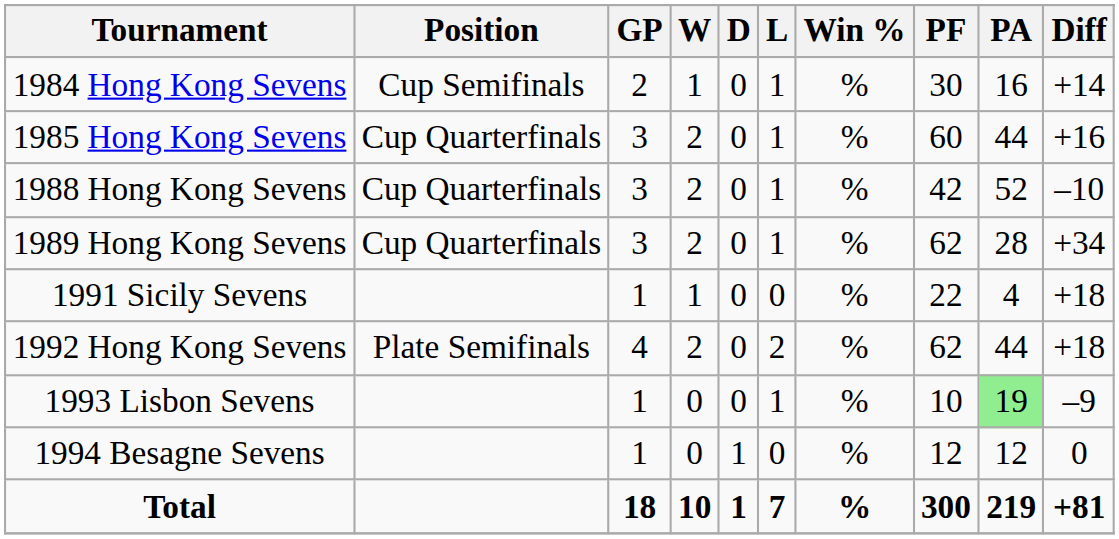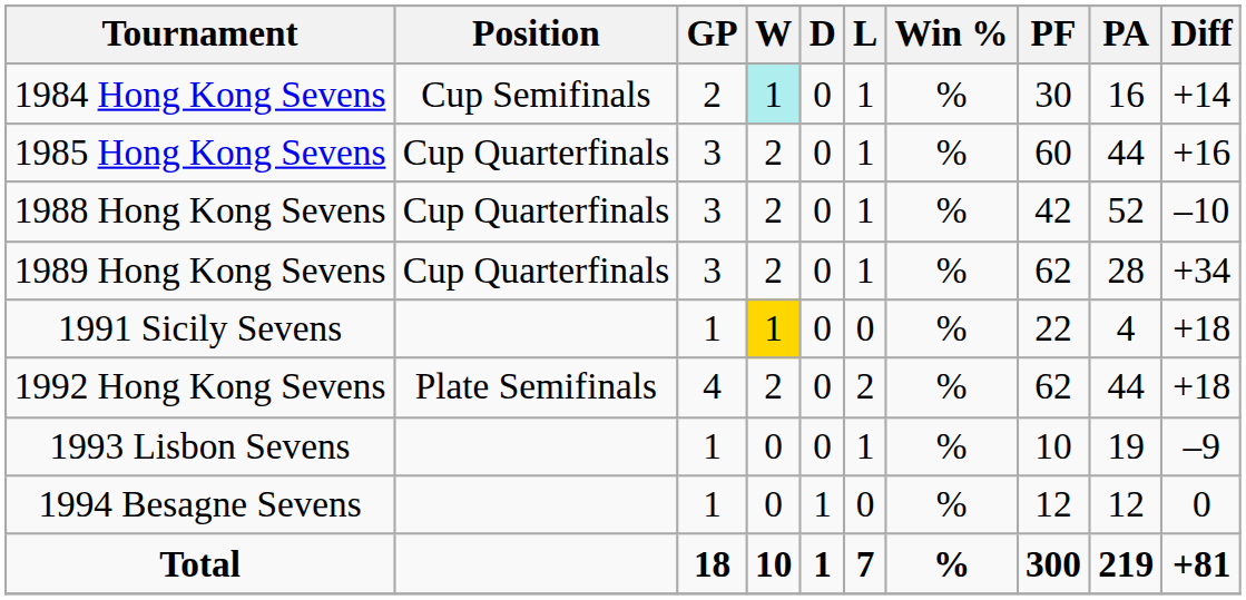 <table class="wikitable" style="text-align: center;">
 <tr>
 </tr>
 <tr>
 <th>Tournament</th>
 <th>Position</th>
 <th>GP</th>
 <th>W</th>
 <th>D</th>
 <th>L</th>
 <th>Win %</th>
 <th>PF</th>
 <th>PA</th>
 <th>Diff</th>
 </tr>
 <tr>
 <td> 1984 <a href='#'>Hong Kong Sevens</a></td>
 <td>Cup Semifinals</td>
 <td>2</td>
-<td>1</td>
+<td style="background: paleturquoise;">1</td>
 <td>0</td>
 <td>1</td>
 <td>%</td>
 <td>30</td>
 <td>16</td>
 <td>+14</td>
 </tr>
 <tr>
 <td> 1985 <a href='#'>Hong Kong Sevens</a></td>
 <td>Cup Quarterfinals</td>
 <td>3</td>
 <td>2</td>
 <td>0</td>
 <td>1</td>
 <td>%</td>
 <td>60</td>
 <td>44</td>
 <td>+16</td>
 </tr>
 <tr>
 <td> 1988 Hong Kong Sevens</td>
 <td>Cup Quarterfinals</td>
 <td>3</td>
 <td>2</td>
 <td>0</td>
 <td>1</td>
 <td>%</td>
 <td>42</td>
 <td>52</td>
 <td>–10</td>
 </tr>
 <tr>
 <td> 1989 Hong Kong Sevens</td>
 <td>Cup Quarterfinals</td>
 <td>3</td>
 <td>2</td>
 <td>0</td>
 <td>1</td>
 <td>%</td>
 <td>62</td>
 <td>28</td>
 <td>+34</td>
 </tr>
 <tr>
 <td>1991 Sicily Sevens</td>
 <td></td>
 <td>1</td>
-<td>1</td>
+<td style="background: gold;">1</td>
 <td>0</td>
 <td>0</td>
 <td>%</td>
 <td>22</td>
 <td>4</td>
 <td>+18</td>
 </tr>
 <tr>
 <td> 1992 Hong Kong Sevens</td>
 <td>Plate Semifinals</td>
 <td>4</td>
 <td>2</td>
 <td>0</td>
 <td>2</td>
 <td>%</td>
 <td>62</td>
 <td>44</td>
 <td>+18</td>
 </tr>
 <tr>
 <td> 1993 Lisbon Sevens</td>
 <td></td>
 <td>1</td>
 <td>0</td>
 <td>0</td>
 <td>1</td>
 <td>%</td>
 <td>10</td>
-<td style="background: lightgreen;">19</td>
+<td>19</td>
 <td>–9</td>
 </tr>
 <tr>
 <td> 1994 Besagne Sevens</td>
 <td></td>
 <td>1</td>
 <td>0</td>
 <td>1</td>
 <td>0</td>
 <td>%</td>
 <td>12</td>
 <td>12</td>
 <td>0</td>
 </tr>
 <tr>
 <td><strong>Total</strong></td>
 <td></td>
 <td><strong>18</strong></td>
 <td><strong>10</strong></td>
 <td><strong>1</strong></td>
 <td><strong>7</strong></td>
 <td><strong>%</strong></td>
 <td><strong>300</strong></td>
 <td><strong>219</strong></td>
 <td><strong>+81</strong></td>
 </tr>
 <tr>
 </tr>
 </table>
